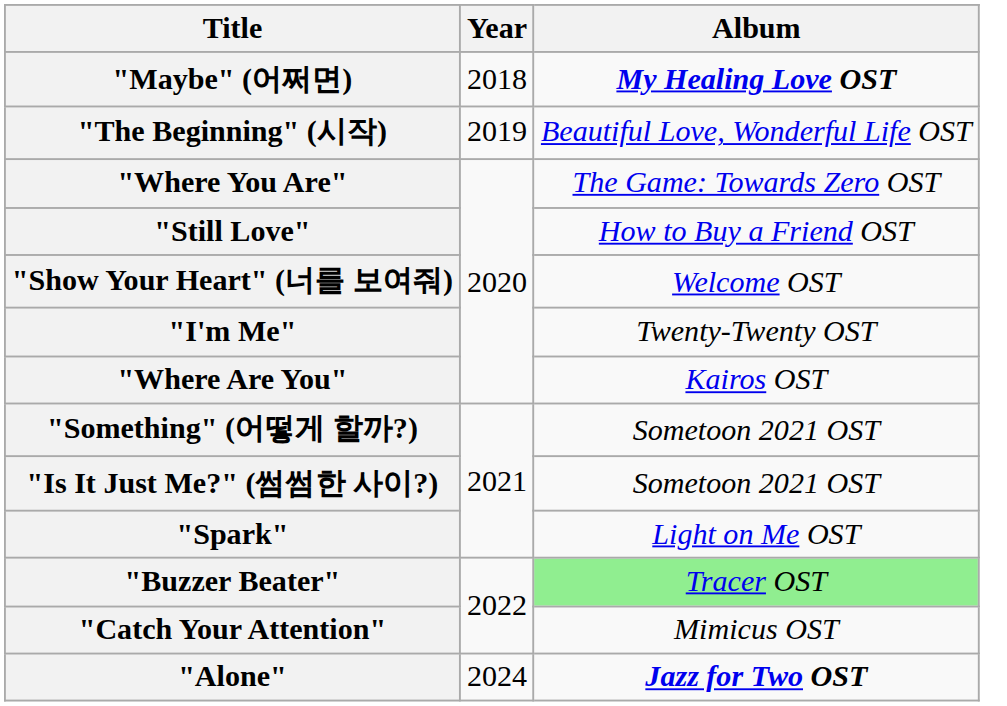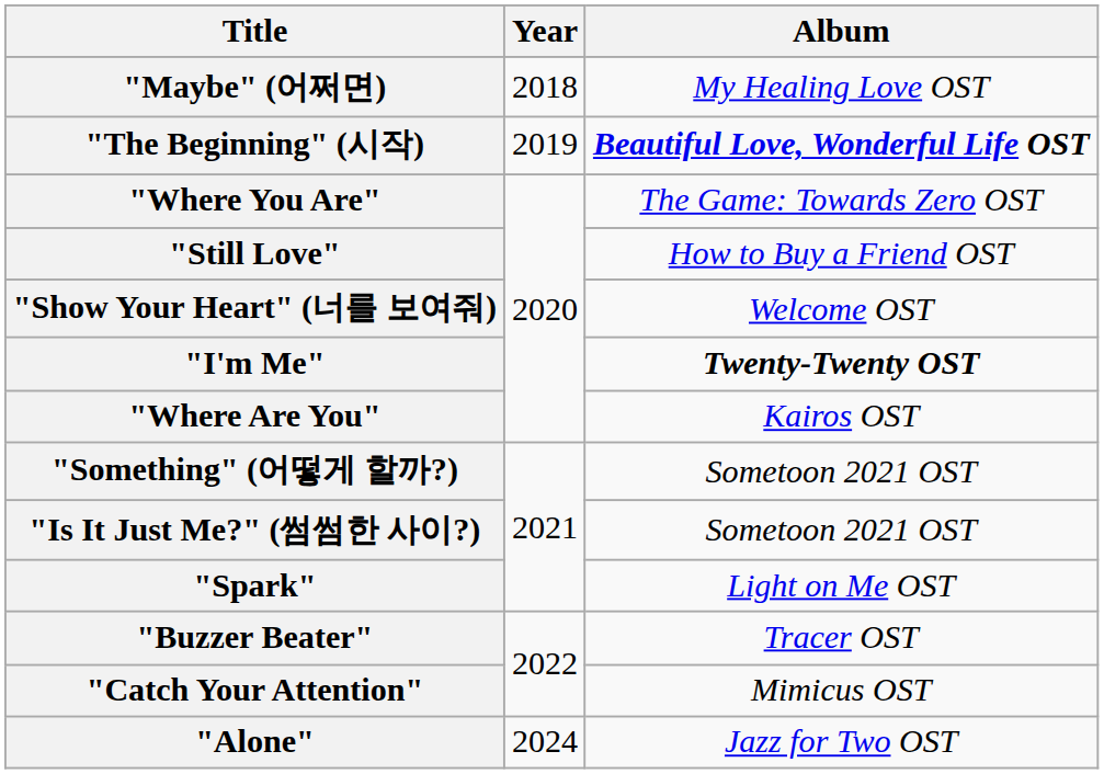 <table class="wikitable plainrowheaders" style="text-align:center;">
 <tr>
 <th scope="col">Title</th>
 <th scope="col">Year</th>
 <th scope="col">Album</th>
 </tr>
 <tr>
 <th scope="row">"Maybe" (어쩌면)</th>
 <td>2018</td>
-<td><strong><em><a href='#'>My Healing Love</a> OST</em></strong></td>
+<td><em><a href='#'>My Healing Love</a> OST</em></td>
 </tr>
 <tr>
 <th scope="row">"The Beginning" (시작)</th>
 <td>2019</td>
-<td><em><a href='#'>Beautiful Love, Wonderful Life</a> OST</em></td>
+<td><strong><em><a href='#'>Beautiful Love, Wonderful Life</a> OST</em></strong></td>
 </tr>
 <tr>
 <th scope="row">"Where You Are"</th>
 <td rowspan="5">2020</td>
 <td><em><a href='#'>The Game: Towards Zero</a> OST</em></td>
 </tr>
 <tr>
 <th scope="row">"Still Love"</th>
 <td><em><a href='#'>How to Buy a Friend</a> OST</em></td>
 </tr>
 <tr>
 <th scope="row">"Show Your Heart" (너를 보여줘)</th>
 <td><em><a href='#'>Welcome</a> OST</em></td>
 </tr>
 <tr>
 <th scope="row">"I'm Me"</th>
-<td><em>Twenty-Twenty OST</em></td>
+<td><strong><em>Twenty-Twenty OST</em></strong></td>
 </tr>
 <tr>
 <th scope="row">"Where Are You"</th>
 <td><em><a href='#'>Kairos</a> OST</em></td>
 </tr>
 <tr>
 <th scope="row">"Something" (어떻게 할까?)</th>
 <td rowspan="3">2021</td>
 <td><em>Sometoon 2021 OST</em></td>
 </tr>
 <tr>
 <th scope="row">"Is It Just Me?" (썸썸한 사이?)</th>
 <td><em>Sometoon 2021 OST</em></td>
 </tr>
 <tr>
 <th scope="row">"Spark"</th>
 <td><em><a href='#'>Light on Me</a> OST</em></td>
 </tr>
 <tr>
 <th scope="row">"Buzzer Beater"</th>
 <td rowspan="2">2022</td>
-<td style="background: lightgreen;"><em><a href='#'>Tracer</a> OST</em></td>
+<td><em><a href='#'>Tracer</a> OST</em></td>
 </tr>
 <tr>
 <th scope="row">"Catch Your Attention"</th>
 <td><em>Mimicus OST</em></td>
 </tr>
 <tr>
 <th scope="row">"Alone"</th>
 <td>2024</td>
-<td><strong><em><a href='#'>Jazz for Two</a> OST</em></strong></td>
+<td><em><a href='#'>Jazz for Two</a> OST</em></td>
 </tr>
 </table>
